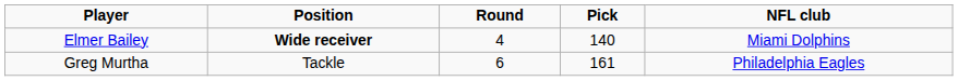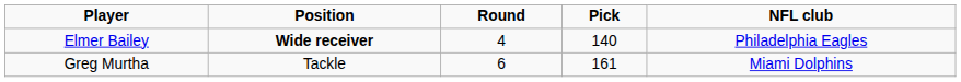 <table class="wikitable" width="80%">
 <tr align="center">
 <td><strong>Player</strong></td>
 <td><strong>Position</strong></td>
 <td><strong>Round</strong></td>
 <td><strong>Pick</strong></td>
 <td><strong>NFL club</strong></td>
 </tr>
 <tr align="center" bgcolor="">
 <td><a href='#'>Elmer Bailey</a></td>
 <td><strong>Wide receiver</strong></td>
 <td>4</td>
 <td>140</td>
-<td><a href='#'>Miami Dolphins</a></td>
+<td><a href='#'>Philadelphia Eagles</a></td>
 </tr>
 <tr align="center" bgcolor="">
 <td>Greg Murtha</td>
 <td>Tackle</td>
 <td>6</td>
 <td>161</td>
-<td><a href='#'>Philadelphia Eagles</a></td>
+<td><a href='#'>Miami Dolphins</a></td>
 </tr>
 </table>
